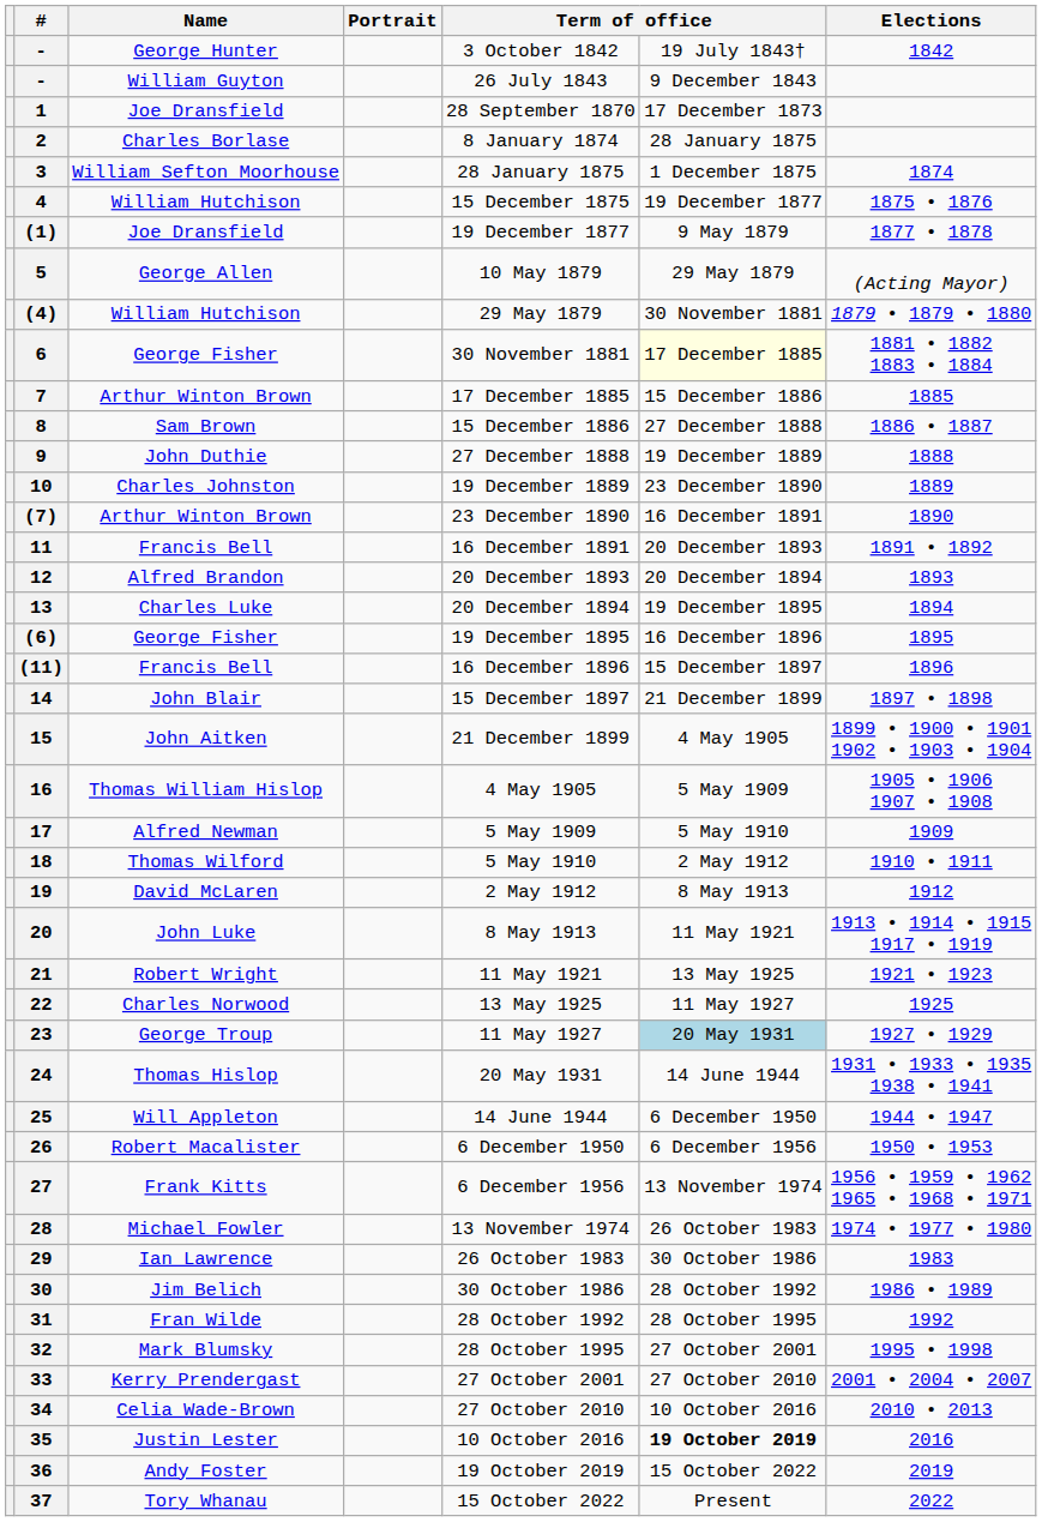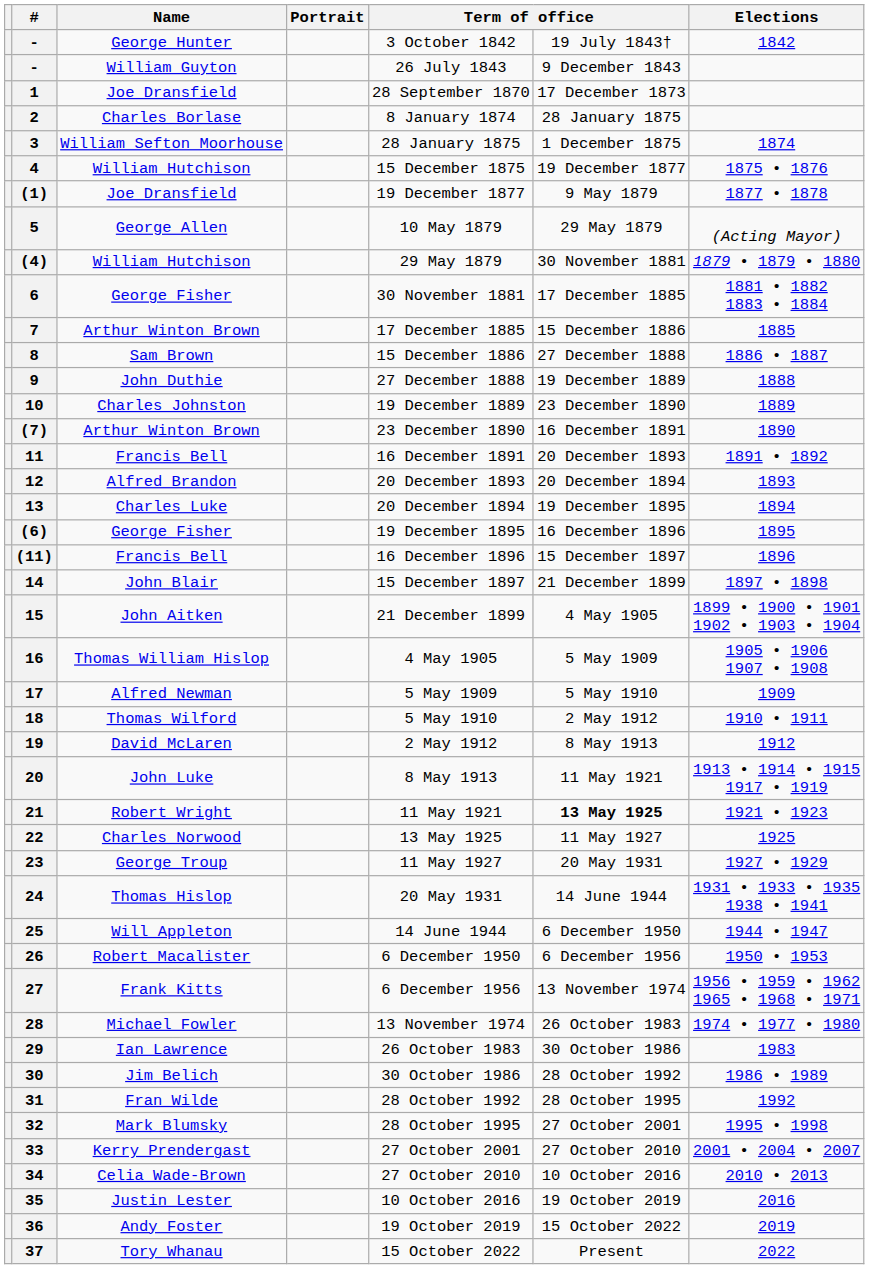 <table class="wikitable" style="text-align:center">
 <tr>
 <th></th>
 <th>#</th>
 <th>Name</th>
 <th>Portrait</th>
 <th colspan="2" width="150">Term of office</th>
 <th>Elections</th>
 </tr>
 <tr>
 <th style="background:"></th>
 <th>-</th>
 <td><a href='#'>George Hunter</a></td>
 <td></td>
 <td>3 October 1842</td>
 <td>19 July 1843†</td>
 <td><a href='#'>1842</a></td>
 </tr>
 <tr>
 <th style="background:"></th>
 <th>-</th>
 <td><a href='#'>William Guyton</a></td>
 <td></td>
 <td>26 July 1843</td>
 <td>9 December 1843</td>
 <td></td>
 </tr>
 <tr>
 <th style="background:"></th>
 <th>1</th>
 <td><a href='#'>Joe Dransfield</a></td>
 <td></td>
 <td>28 September 1870</td>
 <td>17 December 1873</td>
 <td></td>
 </tr>
 <tr>
 <th style="background:"></th>
 <th>2</th>
 <td><a href='#'>Charles Borlase</a></td>
 <td></td>
 <td>8 January 1874</td>
 <td>28 January 1875</td>
 <td></td>
 </tr>
 <tr>
 <th style="background:"></th>
 <th>3</th>
 <td><a href='#'>William Sefton Moorhouse</a></td>
 <td></td>
 <td>28 January 1875</td>
 <td>1 December 1875</td>
 <td><a href='#'>1874</a></td>
 </tr>
 <tr>
 <th style="background:"></th>
 <th>4</th>
 <td><a href='#'>William Hutchison</a></td>
 <td></td>
 <td>15 December 1875</td>
 <td>19 December 1877</td>
 <td><a href='#'>1875</a> • <a href='#'>1876</a></td>
 </tr>
 <tr>
 <th style="background:"></th>
 <th>(1)</th>
 <td><a href='#'>Joe Dransfield</a></td>
 <td></td>
 <td>19 December 1877</td>
 <td>9 May 1879</td>
 <td><a href='#'>1877</a> • <a href='#'>1878</a></td>
 </tr>
 <tr>
 <th style="background:"></th>
 <th>5</th>
 <td><a href='#'>George Allen</a></td>
 <td></td>
 <td>10 May 1879</td>
 <td>29 May 1879</td>
 <td><br><em>(Acting Mayor)</em></td>
 </tr>
 <tr>
 <th style="background:"></th>
 <th>(4)</th>
 <td><a href='#'>William Hutchison</a></td>
 <td></td>
 <td>29 May 1879</td>
 <td>30 November 1881</td>
 <td><em><a href='#'>1879</a></em> • <a href='#'>1879</a> • <a href='#'>1880</a></td>
 </tr>
 <tr>
 <th style="background:"></th>
 <th>6</th>
 <td><a href='#'>George Fisher</a></td>
 <td></td>
 <td>30 November 1881</td>
-<td style="background: lightyellow;">17 December 1885</td>
+<td>17 December 1885</td>
 <td><a href='#'>1881</a> • <a href='#'>1882</a><br><a href='#'>1883</a> • <a href='#'>1884</a></td>
 </tr>
 <tr>
 <th style="background:"></th>
 <th>7</th>
 <td><a href='#'>Arthur Winton Brown</a></td>
 <td></td>
 <td>17 December 1885</td>
 <td>15 December 1886</td>
 <td><a href='#'>1885</a></td>
 </tr>
 <tr>
 <th style="background:"></th>
 <th>8</th>
 <td><a href='#'>Sam Brown</a></td>
 <td></td>
 <td>15 December 1886</td>
 <td>27 December 1888</td>
 <td><a href='#'>1886</a> • <a href='#'>1887</a></td>
 </tr>
 <tr>
 <th style="background:"></th>
 <th>9</th>
 <td><a href='#'>John Duthie</a></td>
 <td></td>
 <td>27 December 1888</td>
 <td>19 December 1889</td>
 <td><a href='#'>1888</a></td>
 </tr>
 <tr>
 <th style="background:"></th>
 <th>10</th>
 <td><a href='#'>Charles Johnston</a></td>
 <td></td>
 <td>19 December 1889</td>
 <td>23 December 1890</td>
 <td><a href='#'>1889</a></td>
 </tr>
 <tr>
 <th style="background:"></th>
 <th>(7)</th>
 <td><a href='#'>Arthur Winton Brown</a></td>
 <td></td>
 <td>23 December 1890</td>
 <td>16 December 1891</td>
 <td><a href='#'>1890</a></td>
 </tr>
 <tr>
 <th style="background:"></th>
 <th>11</th>
 <td><a href='#'>Francis Bell</a></td>
 <td></td>
 <td>16 December 1891</td>
 <td>20 December 1893</td>
 <td><a href='#'>1891</a> • <a href='#'>1892</a></td>
 </tr>
 <tr>
 <th style="background:"></th>
 <th>12</th>
 <td><a href='#'>Alfred Brandon</a></td>
 <td></td>
 <td>20 December 1893</td>
 <td>20 December 1894</td>
 <td><a href='#'>1893</a></td>
 </tr>
 <tr>
 <th style="background:"></th>
 <th>13</th>
 <td><a href='#'>Charles Luke</a></td>
 <td></td>
 <td>20 December 1894</td>
 <td>19 December 1895</td>
 <td><a href='#'>1894</a></td>
 </tr>
 <tr>
 <th style="background:"></th>
 <th>(6)</th>
 <td><a href='#'>George Fisher</a></td>
 <td></td>
 <td>19 December 1895</td>
 <td>16 December 1896</td>
 <td><a href='#'>1895</a></td>
 </tr>
 <tr>
 <th style="background:"></th>
 <th>(11)</th>
 <td><a href='#'>Francis Bell</a></td>
 <td></td>
 <td>16 December 1896</td>
 <td>15 December 1897</td>
 <td><a href='#'>1896</a></td>
 </tr>
 <tr>
 <th style="background:"></th>
 <th>14</th>
 <td><a href='#'>John Blair</a></td>
 <td></td>
 <td>15 December 1897</td>
 <td>21 December 1899</td>
 <td><a href='#'>1897</a> • <a href='#'>1898</a></td>
 </tr>
 <tr>
 <th style="background:"></th>
 <th>15</th>
 <td><a href='#'>John Aitken</a></td>
 <td></td>
 <td>21 December 1899</td>
 <td>4 May 1905</td>
 <td><a href='#'>1899</a> • <a href='#'>1900</a> • <a href='#'>1901</a><br><a href='#'>1902</a> • <a href='#'>1903</a> • <a href='#'>1904</a></td>
 </tr>
 <tr>
 <th style="background:"></th>
 <th>16</th>
 <td><a href='#'>Thomas William Hislop</a></td>
 <td></td>
 <td>4 May 1905</td>
 <td>5 May 1909</td>
 <td><a href='#'>1905</a> • <a href='#'>1906</a><br><a href='#'>1907</a> • <a href='#'>1908</a></td>
 </tr>
 <tr>
 <th style="background:"></th>
 <th>17</th>
 <td><a href='#'>Alfred Newman</a></td>
 <td></td>
 <td>5 May 1909</td>
 <td>5 May 1910</td>
 <td><a href='#'>1909</a></td>
 </tr>
 <tr>
 <th style="background:"></th>
 <th>18</th>
 <td><a href='#'>Thomas Wilford</a></td>
 <td></td>
 <td>5 May 1910</td>
 <td>2 May 1912</td>
 <td><a href='#'>1910</a> • <a href='#'>1911</a></td>
 </tr>
 <tr>
 <th style="background:"></th>
 <th>19</th>
 <td><a href='#'>David McLaren</a></td>
 <td></td>
 <td>2 May 1912</td>
 <td>8 May 1913</td>
 <td><a href='#'>1912</a></td>
 </tr>
 <tr>
 <th style="background:"></th>
 <th>20</th>
 <td><a href='#'>John Luke</a></td>
 <td></td>
 <td>8 May 1913</td>
 <td>11 May 1921</td>
 <td><a href='#'>1913</a> • <a href='#'>1914</a> • <a href='#'>1915</a><br><a href='#'>1917</a> • <a href='#'>1919</a></td>
 </tr>
 <tr>
 <th style="background:"></th>
 <th>21</th>
 <td><a href='#'>Robert Wright</a></td>
 <td></td>
 <td>11 May 1921</td>
-<td>13 May 1925</td>
+<td><strong>13 May 1925</strong></td>
 <td><a href='#'>1921</a> • <a href='#'>1923</a></td>
 </tr>
 <tr>
 <th style="background:"></th>
 <th>22</th>
 <td><a href='#'>Charles Norwood</a></td>
 <td></td>
 <td>13 May 1925</td>
 <td>11 May 1927</td>
 <td><a href='#'>1925</a></td>
 </tr>
 <tr>
 <th style="background:"></th>
 <th>23</th>
 <td><a href='#'>George Troup</a></td>
 <td></td>
 <td>11 May 1927</td>
-<td style="background: lightblue;">20 May 1931</td>
+<td>20 May 1931</td>
 <td><a href='#'>1927</a> • <a href='#'>1929</a></td>
 </tr>
 <tr>
 <th style="background:"></th>
 <th>24</th>
 <td><a href='#'>Thomas Hislop</a></td>
 <td></td>
 <td>20 May 1931</td>
 <td>14 June 1944</td>
 <td><a href='#'>1931</a> • <a href='#'>1933</a> • <a href='#'>1935</a><br><a href='#'>1938</a> • <a href='#'>1941</a></td>
 </tr>
 <tr>
 <th style="background:"></th>
 <th>25</th>
 <td><a href='#'>Will Appleton</a></td>
 <td></td>
 <td>14 June 1944</td>
 <td>6 December 1950</td>
 <td><a href='#'>1944</a> • <a href='#'>1947</a></td>
 </tr>
 <tr>
 <th style="background:"></th>
 <th>26</th>
 <td><a href='#'>Robert Macalister</a></td>
 <td></td>
 <td>6 December 1950</td>
 <td>6 December 1956</td>
 <td><a href='#'>1950</a> • <a href='#'>1953</a></td>
 </tr>
 <tr>
 <th style="background:"></th>
 <th>27</th>
 <td><a href='#'>Frank Kitts</a></td>
 <td></td>
 <td>6 December 1956</td>
 <td>13 November 1974</td>
 <td><a href='#'>1956</a> • <a href='#'>1959</a> • <a href='#'>1962</a><br><a href='#'>1965</a> • <a href='#'>1968</a> • <a href='#'>1971</a></td>
 </tr>
 <tr>
 <th style="background:"></th>
 <th>28</th>
 <td><a href='#'>Michael Fowler</a></td>
 <td></td>
 <td>13 November 1974</td>
 <td>26 October 1983</td>
 <td><a href='#'>1974</a> • <a href='#'>1977</a>  • <a href='#'>1980</a></td>
 </tr>
 <tr>
 <th style="background:"></th>
 <th>29</th>
 <td><a href='#'>Ian Lawrence</a></td>
 <td></td>
 <td>26 October 1983</td>
 <td>30 October 1986</td>
 <td><a href='#'>1983</a></td>
 </tr>
 <tr>
 <th style="background:"></th>
 <th>30</th>
 <td><a href='#'>Jim Belich</a></td>
 <td></td>
 <td>30 October 1986</td>
 <td>28 October 1992</td>
 <td><a href='#'>1986</a> • <a href='#'>1989</a></td>
 </tr>
 <tr>
 <th style="background:"></th>
 <th>31</th>
 <td><a href='#'>Fran Wilde</a></td>
 <td></td>
 <td>28 October 1992</td>
 <td>28 October 1995</td>
 <td><a href='#'>1992</a></td>
 </tr>
 <tr>
 <th style="background:"></th>
 <th>32</th>
 <td><a href='#'>Mark Blumsky</a></td>
 <td></td>
 <td>28 October 1995</td>
 <td>27 October 2001</td>
 <td><a href='#'>1995</a> • <a href='#'>1998</a></td>
 </tr>
 <tr>
 <th style="background:"></th>
 <th>33</th>
 <td><a href='#'>Kerry Prendergast</a></td>
 <td></td>
 <td>27 October 2001</td>
 <td>27 October 2010</td>
 <td><a href='#'>2001</a> • <a href='#'>2004</a> • <a href='#'>2007</a></td>
 </tr>
 <tr>
 <th style="background:"></th>
 <th>34</th>
 <td><a href='#'>Celia Wade-Brown</a></td>
 <td></td>
 <td>27 October 2010</td>
 <td>10 October 2016</td>
 <td><a href='#'>2010</a> • <a href='#'>2013</a></td>
 </tr>
 <tr>
 <th style="background:"></th>
 <th>35</th>
 <td><a href='#'>Justin Lester</a></td>
 <td></td>
 <td>10 October 2016</td>
-<td><strong>19 October 2019</strong></td>
+<td>19 October 2019</td>
 <td><a href='#'>2016</a></td>
 </tr>
 <tr>
 <th style="background:"></th>
 <th>36</th>
 <td><a href='#'>Andy Foster</a></td>
 <td></td>
 <td>19 October 2019</td>
 <td>15 October 2022</td>
 <td><a href='#'>2019</a></td>
 </tr>
 <tr>
 <th style="background:"></th>
 <th>37</th>
 <td><a href='#'>Tory Whanau</a></td>
 <td></td>
 <td>15 October 2022</td>
 <td>Present</td>
 <td><a href='#'>2022</a></td>
 </tr>
 </table>
